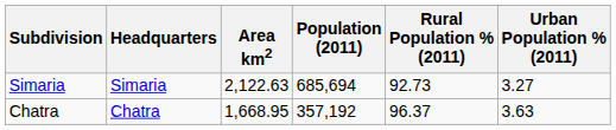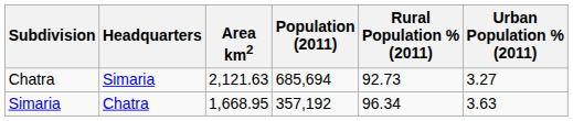 <table class="wikitable sortable">
 <tr>
 <th>Subdivision</th>
 <th>Headquarters</th>
 <th><br>Area<br>km<sup>2</sup></th>
 <th>Population<br>(2011)</th>
 <th>Rural<br>Population %<br>(2011)</th>
 <th>Urban<br> Population % <br>(2011)</th>
 </tr>
 <tr>
+<td>Chatra</td>
 <td><a href='#'>Simaria</a></td>
-<td><a href='#'>Simaria</a></td>
-<td>2,122.63</td>
+<td>2,121.63</td>
 <td>685,694</td>
 <td>92.73</td>
 <td>3.27</td>
 </tr>
 <tr>
-<td>Chatra</td>
+<td><a href='#'>Simaria</a></td>
 <td><a href='#'>Chatra</a></td>
 <td>1,668.95</td>
 <td>357,192</td>
-<td>96.37</td>
+<td>96.34</td>
 <td>3.63</td>
 </tr>
 </table>
